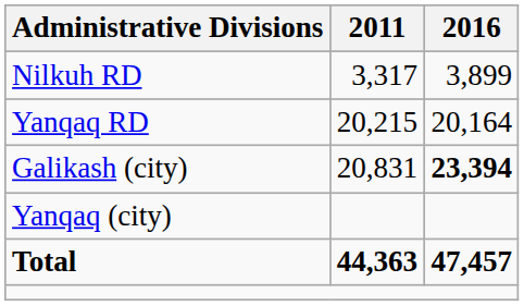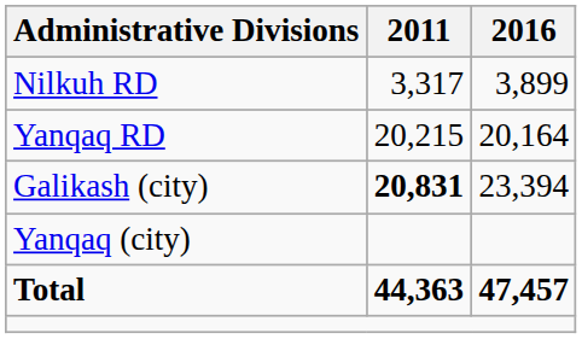 <table class="wikitable">
 <tr>
 <th>Administrative Divisions</th>
 <th>2011</th>
 <th>2016</th>
 </tr>
 <tr>
 <td><a href='#'>Nilkuh RD</a></td>
 <td style="text-align: right;">3,317</td>
 <td style="text-align: right;">3,899</td>
 </tr>
 <tr>
 <td><a href='#'>Yanqaq RD</a></td>
 <td style="text-align: right;">20,215</td>
 <td style="text-align: right;">20,164</td>
 </tr>
 <tr>
 <td><a href='#'>Galikash</a> (city)</td>
-<td style="text-align: right;">20,831</td>
-<td style="text-align: right;"><strong>23,394</strong></td>
+<td style="text-align: right;"><strong>20,831</strong></td>
+<td style="text-align: right;">23,394</td>
 </tr>
 <tr>
 <td><a href='#'>Yanqaq</a> (city)</td>
 <td style="text-align: right;"></td>
 <td style="text-align: right;"></td>
 </tr>
 <tr>
 <td><strong>Total</strong></td>
 <td style="text-align: right;"><strong>44,363</strong></td>
 <td style="text-align: right;"><strong>47,457</strong></td>
 </tr>
 <tr>
 <td colspan=3></td>
 </tr>
 </table>
